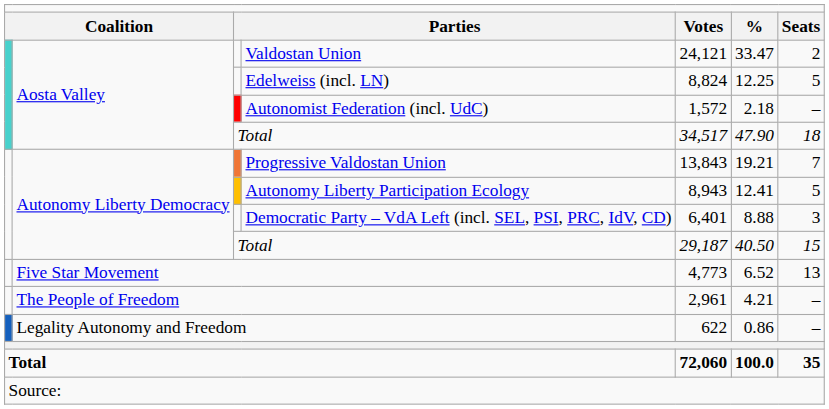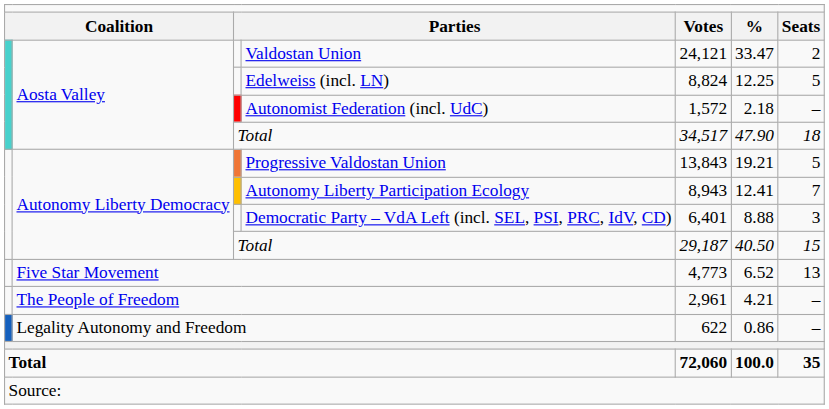 <table class="wikitable">
 <tr>
 <td colspan=10></td>
 </tr>
 <tr>
 <th colspan=2>Coalition</th>
 <th colspan=2>Parties</th>
 <th>Votes</th>
 <th>%</th>
 <th>Seats</th>
 </tr>
 <tr>
 <td rowspan=4 bgcolor="#48D1CC"></td>
 <td rowspan=4><a href='#'>Aosta Valley</a></td>
 <td></td>
 <td><a href='#'>Valdostan Union</a></td>
 <td align=right>24,121</td>
 <td align=right>33.47</td>
 <td align=right>2</td>
 </tr>
 <tr>
 <td></td>
 <td><a href='#'>Edelweiss</a> (incl. <a href='#'>LN</a>)</td>
 <td align=right>8,824</td>
 <td align=right>12.25</td>
 <td align=right>5</td>
 </tr>
 <tr>
 <td bgcolor="red"></td>
 <td><a href='#'>Autonomist Federation</a> (incl. <a href='#'>UdC</a>)</td>
 <td align=right>1,572</td>
 <td align=right>2.18</td>
 <td align=right>–</td>
 </tr>
 <tr>
 <td colspan=2><em>Total</em></td>
 <td align=right><em>34,517</em></td>
 <td align=right><em>47.90</em></td>
 <td align=right><em>18</em></td>
 </tr>
 <tr>
 <td rowspan=4></td>
 <td rowspan=4><a href='#'>Autonomy Liberty Democracy</a></td>
 <td bgcolor="#F07636"></td>
 <td><a href='#'>Progressive Valdostan Union</a></td>
 <td align=right>13,843</td>
 <td align=right>19.21</td>
-<td align=right>7</td>
+<td align=right>5</td>
 </tr>
 <tr>
 <td bgcolor="#FFBF00"></td>
 <td><a href='#'>Autonomy Liberty Participation Ecology</a></td>
 <td align=right>8,943</td>
 <td align=right>12.41</td>
-<td align=right>5</td>
+<td align=right>7</td>
 </tr>
 <tr>
 <td></td>
 <td><a href='#'>Democratic Party – VdA Left</a> (incl. <a href='#'>SEL</a>, <a href='#'>PSI</a>, <a href='#'>PRC</a>, <a href='#'>IdV</a>, <a href='#'>CD</a>)</td>
 <td align=right>6,401</td>
 <td align=right>8.88</td>
 <td align=right>3</td>
 </tr>
 <tr>
 <td colspan=2><em>Total</em></td>
 <td align=right><em>29,187</em></td>
 <td align=right><em>40.50</em></td>
 <td align=right><em>15</em></td>
 </tr>
 <tr>
 <td></td>
 <td colspan=3><a href='#'>Five Star Movement</a></td>
 <td align=right>4,773</td>
 <td align=right>6.52</td>
 <td align=right>13</td>
 </tr>
 <tr>
 <td></td>
 <td colspan=3><a href='#'>The People of Freedom</a></td>
 <td align=right>2,961</td>
 <td align=right>4.21</td>
 <td align=right>–</td>
 </tr>
 <tr>
 <td bgcolor="#1560BD"></td>
 <td colspan=3>Legality Autonomy and Freedom</td>
 <td align=right>622</td>
 <td align=right>0.86</td>
 <td align=right>–</td>
 </tr>
 <tr>
 <th colspan=7></th>
 </tr>
 <tr>
 <td colspan=4><strong>Total</strong></td>
 <td align=right><strong>72,060</strong></td>
 <td align=right><strong>100.0</strong></td>
 <td align=right><strong>35</strong></td>
 </tr>
 <tr>
 <td colspan=7>Source: </td>
 </tr>
 </table>
